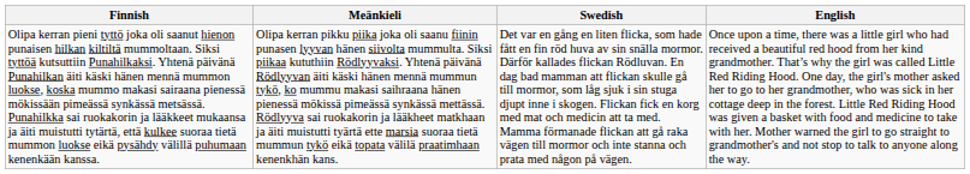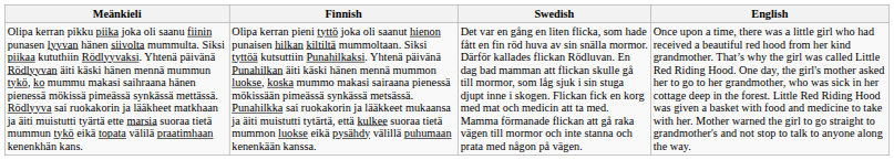 <table class="wikitable">
 <tr>
+<th>Meänkieli</th>
 <th>Finnish</th>
-<th>Meänkieli</th>
 <th>Swedish</th>
 <th>English</th>
 </tr>
 <tr>
+<td>Olipa kerran pikku <u>piika</u> joka oli saanu <u>fiinin</u> punasen <u>lyyvan</u> hänen <u>siivolta</u> mummulta. Siksi <u>piikaa</u> kututhiin <u>Rödlyyvaksi</u>. Yhtenä päivänä <u>Rödlyyvan</u> äiti käski hänen mennä mummun <u>tykö</u>, <u>ko</u> mummu makasi saihraana hänen pienessä mökissä pimeässä synkässä mettässä. <u>Rödlyyva</u> sai ruokakorin ja lääkheet matkhaan ja äiti muistutti tyärtä ette <u>marsia</u> suoraa tietä mummun <u>tykö</u> eikä <u>topata</u> välilä <u>praatimhaan</u> kenenkhän kans.</td>
 <td>Olipa kerran pieni <u>tyttö</u> joka oli saanut <u>hienon</u> punaisen <u>hilkan</u> <u>kiltiltä</u> mummoltaan. Siksi <u>tyttöä</u> kutsuttiin <u>Punahilkaksi</u>. Yhtenä päivänä <u>Punahilkan</u> äiti käski hänen mennä mummon <u>luokse</u>, <u>koska</u> mummo makasi sairaana pienessä mökissään pimeässä synkässä metsässä. <u>Punahilkka</u> sai ruokakorin ja lääkkeet mukaansa ja äiti muistutti tytärtä, että <u>kulkee</u> suoraa tietä mummon <u>luokse</u> eikä <u>pysähdy</u> välillä <u>puhumaan</u> kenenkään kanssa.</td>
-<td>Olipa kerran pikku <u>piika</u> joka oli saanu <u>fiinin</u> punasen <u>lyyvan</u> hänen <u>siivolta</u> mummulta. Siksi <u>piikaa</u> kututhiin <u>Rödlyyvaksi</u>. Yhtenä päivänä <u>Rödlyyvan</u> äiti käski hänen mennä mummun <u>tykö</u>, <u>ko</u> mummu makasi saihraana hänen pienessä mökissä pimeässä synkässä mettässä. <u>Rödlyyva</u> sai ruokakorin ja lääkheet matkhaan ja äiti muistutti tyärtä ette <u>marsia</u> suoraa tietä mummun <u>tykö</u> eikä <u>topata</u> välilä <u>praatimhaan</u> kenenkhän kans.</td>
 <td>Det var en gång en liten flicka, som hade fått en fin röd huva av sin snälla mormor. Därför kallades flickan Rödluvan. En dag bad mamman att flickan skulle gå till mormor, som låg sjuk i sin stuga djupt inne i skogen. Flickan fick en korg med mat och medicin att ta med. Mamma förmanade flickan att gå raka vägen till mormor och inte stanna och prata med någon på vägen.</td>
 <td>Once upon a time, there was a little girl who had received a beautiful red hood from her kind grandmother. That’s why the girl was called Little Red Riding Hood. One day, the girl's mother asked her to go to her grandmother, who was sick in her cottage deep in the forest. Little Red Riding Hood was given a basket with food and medicine to take with her. Mother warned the girl to go straight to grandmother's and not stop to talk to anyone along the way.</td>
 </tr>
 </table>
